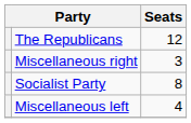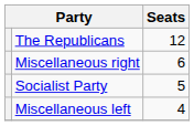 <table class="wikitable" style="font-size: 95%;">
 <tr>
 <th colspan=2>Party</th>
 <th>Seats</th>
 </tr>
 <tr>
 <th style="background-color: "></th>
 <td><a href='#'>The Republicans</a></td>
 <td align="right">12</td>
 </tr>
 <tr>
 <th style="background-color: "></th>
 <td><a href='#'>Miscellaneous right</a></td>
-<td align="right">3</td>
+<td align="right">6</td>
 </tr>
 <tr>
 <th style="background-color: "></th>
 <td><a href='#'>Socialist Party</a></td>
-<td align="right">8</td>
+<td align="right">5</td>
 </tr>
 <tr>
 <th style="background-color: "></th>
 <td><a href='#'>Miscellaneous left</a></td>
 <td align="right">4</td>
 </tr>
 <tr>
 </tr>
 </table>
